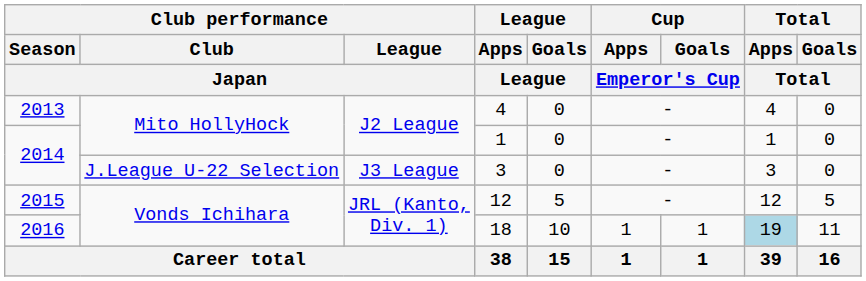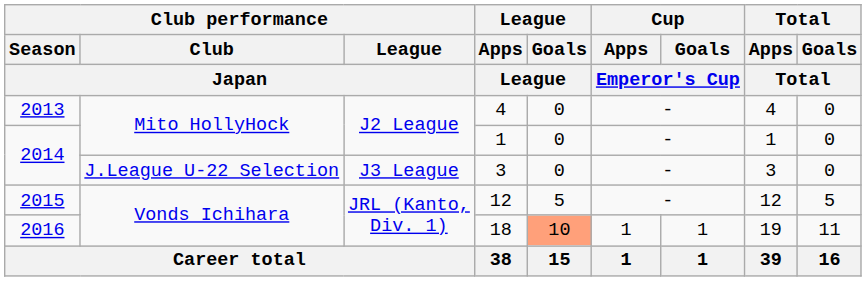 <table class="wikitable" style="text-align:center">
 <tr>
 <th colspan="3">Club performance</th>
 <th colspan="2">League</th>
 <th colspan="2">Cup</th>
 <th colspan="2">Total</th>
 </tr>
 <tr>
 <th>Season</th>
 <th>Club</th>
 <th>League</th>
 <th>Apps</th>
 <th>Goals</th>
 <th>Apps</th>
 <th>Goals</th>
 <th>Apps</th>
 <th>Goals</th>
 </tr>
 <tr>
 <th colspan="3">Japan</th>
 <th colspan="2">League</th>
 <th colspan="2"><a href='#'>Emperor's Cup</a></th>
 <th colspan="2">Total</th>
 </tr>
 <tr>
 <td><a href='#'>2013</a></td>
 <td rowspan="2"><a href='#'>Mito HollyHock</a></td>
 <td rowspan="2"><a href='#'>J2 League</a></td>
 <td>4</td>
 <td>0</td>
 <td colspan="2">-</td>
 <td>4</td>
 <td>0</td>
 </tr>
 <tr>
 <td rowspan="2"><a href='#'>2014</a></td>
 <td>1</td>
 <td>0</td>
 <td colspan="2">-</td>
 <td>1</td>
 <td>0</td>
 </tr>
 <tr>
 <td><a href='#'>J.League U-22 Selection</a></td>
 <td><a href='#'>J3 League</a></td>
 <td>3</td>
 <td>0</td>
 <td colspan="2">-</td>
 <td>3</td>
 <td>0</td>
 </tr>
 <tr>
 <td><a href='#'>2015</a></td>
 <td rowspan="2"><a href='#'>Vonds Ichihara</a></td>
 <td rowspan="2"><a href='#'>JRL (Kanto,<br>Div. 1)</a></td>
 <td>12</td>
 <td>5</td>
 <td colspan="2">-</td>
 <td>12</td>
 <td>5</td>
 </tr>
 <tr>
 <td><a href='#'>2016</a></td>
 <td>18</td>
-<td>10</td>
+<td style="background: lightsalmon;">10</td>
 <td>1</td>
 <td>1</td>
-<td style="background: lightblue;">19</td>
+<td>19</td>
 <td>11</td>
 </tr>
 <tr>
 <th colspan=3>Career total</th>
 <th>38</th>
 <th>15</th>
 <th>1</th>
 <th>1</th>
 <th>39</th>
 <th>16</th>
 </tr>
 </table>
